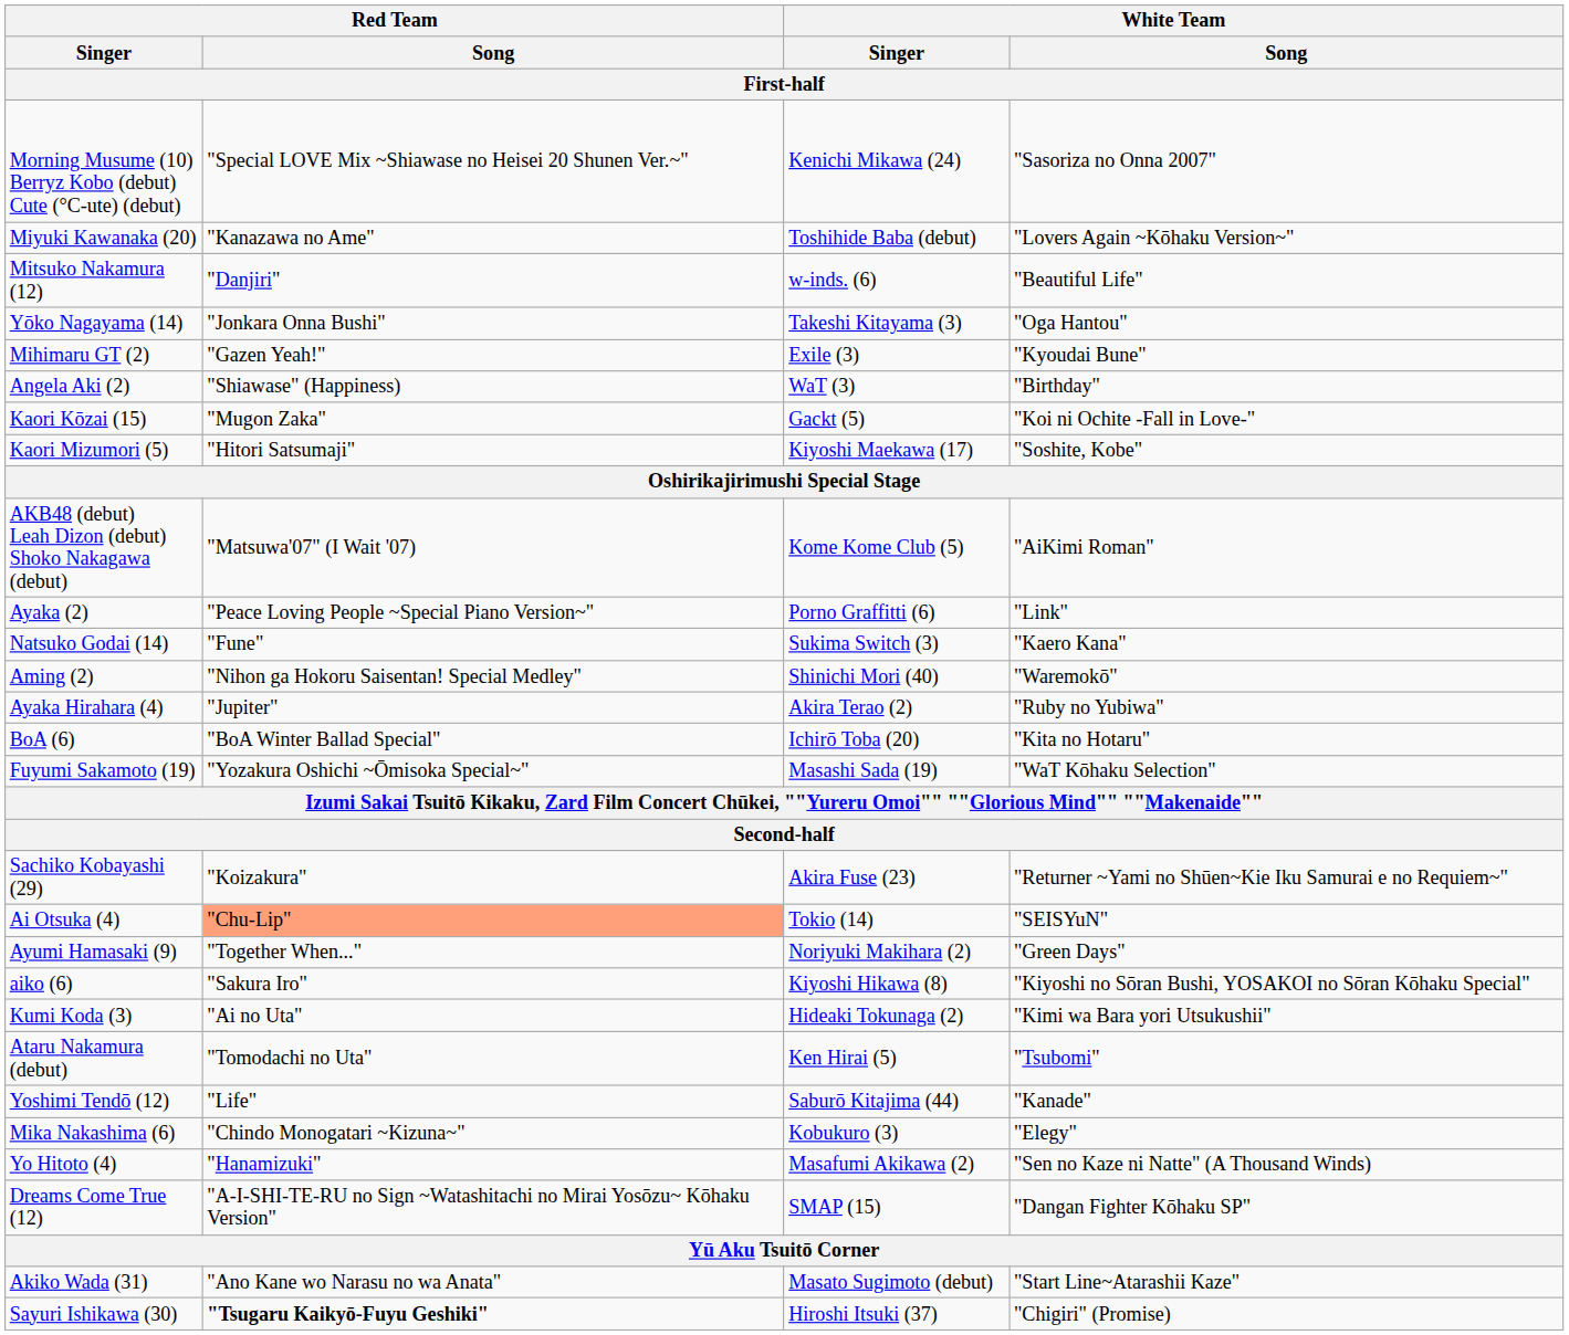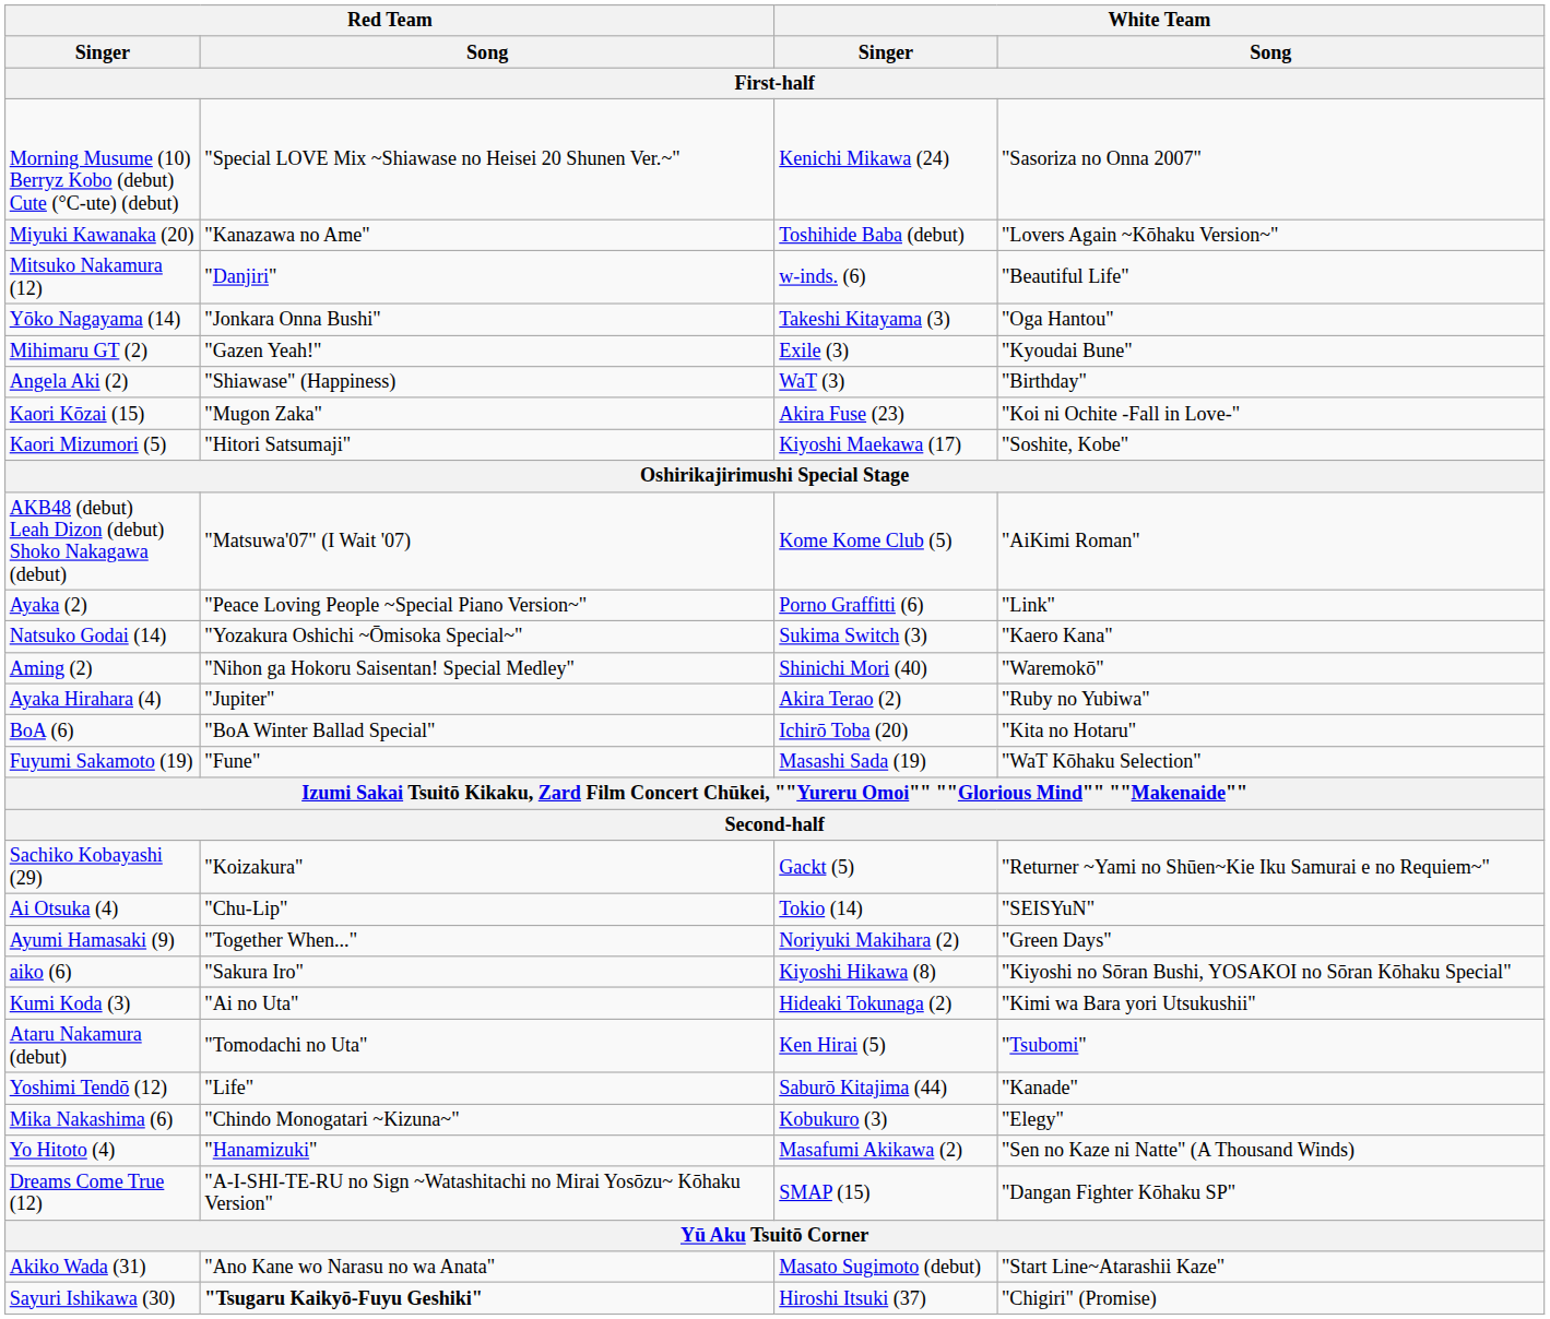 <table class="wikitable">
 <tr>
 <th colspan="2" width="50%">Red Team</th>
 <th colspan="2" width="50%">White Team</th>
 </tr>
 <tr>
 <th>Singer</th>
 <th>Song</th>
 <th>Singer</th>
 <th>Song</th>
 </tr>
 <tr>
 <th colspan="4">First-half</th>
 </tr>
 <tr>
 <td><br><br><a href='#'>Morning Musume</a> (10)<br> <a href='#'>Berryz Kobo</a> (debut)<br> <a href='#'>Cute</a> (°C-ute) (debut)</td>
 <td>"Special LOVE Mix ~Shiawase no Heisei 20 Shunen Ver.~"</td>
 <td><a href='#'>Kenichi Mikawa</a> (24)</td>
 <td>"Sasoriza no Onna 2007"</td>
 </tr>
 <tr>
 <td><a href='#'>Miyuki Kawanaka</a> (20)</td>
 <td>"Kanazawa no Ame"</td>
 <td><a href='#'>Toshihide Baba</a> (debut)</td>
 <td>"Lovers Again ~Kōhaku Version~"</td>
 </tr>
 <tr>
 <td><a href='#'>Mitsuko Nakamura</a> (12)</td>
 <td>"<a href='#'>Danjiri</a>"</td>
 <td><a href='#'>w-inds.</a> (6)</td>
 <td>"Beautiful Life"</td>
 </tr>
 <tr>
 <td><a href='#'>Yōko Nagayama</a> (14)</td>
 <td>"Jonkara Onna Bushi"</td>
 <td><a href='#'>Takeshi Kitayama</a> (3)</td>
 <td>"Oga Hantou"</td>
 </tr>
 <tr>
 <td><a href='#'>Mihimaru GT</a> (2)</td>
 <td>"Gazen Yeah!"</td>
 <td><a href='#'>Exile</a> (3)</td>
 <td>"Kyoudai Bune"</td>
 </tr>
 <tr>
 <td><a href='#'>Angela Aki</a> (2)</td>
 <td>"Shiawase" (Happiness)</td>
 <td><a href='#'>WaT</a> (3)</td>
 <td>"Birthday"</td>
 </tr>
 <tr>
 <td><a href='#'>Kaori Kōzai</a> (15)</td>
 <td>"Mugon Zaka"</td>
-<td><a href='#'>Gackt</a> (5)</td>
+<td><a href='#'>Akira Fuse</a> (23)</td>
 <td>"Koi ni Ochite -Fall in Love-"</td>
 </tr>
 <tr>
 <td><a href='#'>Kaori Mizumori</a> (5)</td>
 <td>"Hitori Satsumaji"</td>
 <td><a href='#'>Kiyoshi Maekawa</a> (17)</td>
 <td>"Soshite, Kobe"</td>
 </tr>
 <tr>
 <th colspan="4">Oshirikajirimushi Special Stage</th>
 </tr>
 <tr>
 <td><a href='#'>AKB48</a> (debut)<br><a href='#'>Leah Dizon</a> (debut)<br><a href='#'>Shoko Nakagawa</a> (debut)</td>
 <td>"Matsuwa'07" (I Wait '07)</td>
 <td><a href='#'>Kome Kome Club</a> (5)</td>
 <td>"AiKimi Roman"</td>
 </tr>
 <tr>
 <td><a href='#'>Ayaka</a> (2)</td>
 <td>"Peace Loving People ~Special Piano Version~"</td>
 <td><a href='#'>Porno Graffitti</a> (6)</td>
 <td>"Link"</td>
 </tr>
 <tr>
 <td><a href='#'>Natsuko Godai</a> (14)</td>
-<td>"Fune"</td>
+<td>"Yozakura Oshichi ~Ōmisoka Special~"</td>
 <td><a href='#'>Sukima Switch</a> (3)</td>
 <td>"Kaero Kana"</td>
 </tr>
 <tr>
 <td><a href='#'>Aming</a> (2)</td>
 <td>"Nihon ga Hokoru Saisentan! Special Medley"</td>
 <td><a href='#'>Shinichi Mori</a> (40)</td>
 <td>"Waremokō"</td>
 </tr>
 <tr>
 <td><a href='#'>Ayaka Hirahara</a> (4)</td>
 <td>"Jupiter"</td>
 <td><a href='#'>Akira Terao</a> (2)</td>
 <td>"Ruby no Yubiwa"</td>
 </tr>
 <tr>
 <td><a href='#'>BoA</a> (6)</td>
 <td>"BoA Winter Ballad Special"</td>
 <td><a href='#'>Ichirō Toba</a> (20)</td>
 <td>"Kita no Hotaru"</td>
 </tr>
 <tr>
 <td><a href='#'>Fuyumi Sakamoto</a> (19)</td>
-<td>"Yozakura Oshichi ~Ōmisoka Special~"</td>
+<td>"Fune"</td>
 <td><a href='#'>Masashi Sada</a> (19)</td>
 <td>"WaT Kōhaku Selection"</td>
 </tr>
 <tr>
 <th colspan="4"><a href='#'>Izumi Sakai</a> Tsuitō Kikaku, <a href='#'>Zard</a> Film Concert Chūkei, ""<a href='#'>Yureru Omoi</a>"" ""<a href='#'>Glorious Mind</a>"" ""<a href='#'>Makenaide</a>""</th>
 </tr>
 <tr>
 <th colspan="4">Second-half</th>
 </tr>
 <tr>
 <td><a href='#'>Sachiko Kobayashi</a> (29)</td>
 <td>"Koizakura"</td>
-<td><a href='#'>Akira Fuse</a> (23)</td>
+<td><a href='#'>Gackt</a> (5)</td>
 <td>"Returner ~Yami no Shūen~Kie Iku Samurai e no Requiem~"</td>
 </tr>
 <tr>
 <td><a href='#'>Ai Otsuka</a> (4)</td>
-<td style="background: lightsalmon;">"Chu-Lip"</td>
+<td>"Chu-Lip"</td>
 <td><a href='#'>Tokio</a> (14)</td>
 <td>"SEISYuN"</td>
 </tr>
 <tr>
 <td><a href='#'>Ayumi Hamasaki</a> (9)</td>
 <td>"Together When..."</td>
 <td><a href='#'>Noriyuki Makihara</a> (2)</td>
 <td>"Green Days"</td>
 </tr>
 <tr>
 <td><a href='#'>aiko</a> (6)</td>
 <td>"Sakura Iro"</td>
 <td><a href='#'>Kiyoshi Hikawa</a> (8)</td>
 <td>"Kiyoshi no Sōran Bushi, YOSAKOI no Sōran Kōhaku Special"</td>
 </tr>
 <tr>
 <td><a href='#'>Kumi Koda</a> (3)</td>
 <td>"Ai no Uta"</td>
 <td><a href='#'>Hideaki Tokunaga</a> (2)</td>
 <td>"Kimi wa Bara yori Utsukushii"</td>
 </tr>
 <tr>
 <td><a href='#'>Ataru Nakamura</a> (debut)</td>
 <td>"Tomodachi no Uta"</td>
 <td><a href='#'>Ken Hirai</a> (5)</td>
 <td>"<a href='#'>Tsubomi</a>"</td>
 </tr>
 <tr>
 <td><a href='#'>Yoshimi Tendō</a> (12)</td>
 <td>"Life"</td>
 <td><a href='#'>Saburō Kitajima</a> (44)</td>
 <td>"Kanade"</td>
 </tr>
 <tr>
 <td><a href='#'>Mika Nakashima</a> (6)</td>
 <td>"Chindo Monogatari ~Kizuna~"</td>
 <td><a href='#'>Kobukuro</a> (3)</td>
 <td>"Elegy"</td>
 </tr>
 <tr>
 <td><a href='#'>Yo Hitoto</a> (4)</td>
 <td>"<a href='#'>Hanamizuki</a>"</td>
 <td><a href='#'>Masafumi Akikawa</a> (2)</td>
 <td>"Sen no Kaze ni Natte" (A Thousand Winds)</td>
 </tr>
 <tr>
 <td><a href='#'>Dreams Come True</a> (12)</td>
 <td>"A-I-SHI-TE-RU no Sign ~Watashitachi no Mirai Yosōzu~ Kōhaku Version"</td>
 <td><a href='#'>SMAP</a> (15)</td>
 <td>"Dangan Fighter Kōhaku SP"</td>
 </tr>
 <tr>
 <th colspan="4"><a href='#'>Yū Aku</a> Tsuitō Corner</th>
 </tr>
 <tr>
 <td><a href='#'>Akiko Wada</a> (31)</td>
 <td>"Ano Kane wo Narasu no wa Anata"</td>
 <td><a href='#'>Masato Sugimoto</a> (debut)</td>
 <td>"Start Line~Atarashii Kaze"</td>
 </tr>
 <tr>
 <td><a href='#'>Sayuri Ishikawa</a> (30)</td>
 <td><strong>"Tsugaru Kaikyō-Fuyu Geshiki"</strong></td>
 <td><a href='#'>Hiroshi Itsuki</a> (37)</td>
 <td>"Chigiri" (Promise)</td>
 </tr>
 </table>
